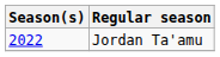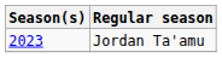 <table class="wikitable">
 <tr>
 <th>Season(s)</th>
 <th>Regular season</th>
 </tr>
 <tr>
-<td><a href='#'>2022</a></td>
+<td><a href='#'>2023</a></td>
 <td>Jordan Ta'amu </td>
 </tr>
 <tr>
 </tr>
 </table>
